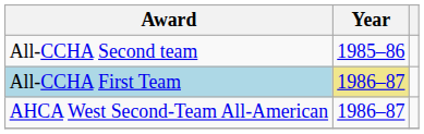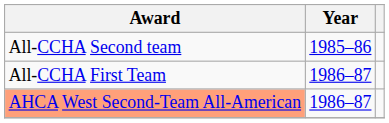 <table class="wikitable">
 <tr>
 <th>Award</th>
 <th>Year</th>
 <th></th>
 </tr>
 <tr>
 <td>All-<a href='#'>CCHA</a> <a href='#'>Second team</a></td>
 <td><a href='#'>1985–86</a></td>
 <td></td>
 </tr>
 <tr>
-<td style="background: lightblue;">All-<a href='#'>CCHA</a> <a href='#'>First Team</a></td>
-<td style="background: khaki;"><a href='#'>1986–87</a></td>
+<td>All-<a href='#'>CCHA</a> <a href='#'>First Team</a></td>
+<td><a href='#'>1986–87</a></td>
 <td></td>
 </tr>
 <tr>
-<td><a href='#'>AHCA</a> <a href='#'>West Second-Team All-American</a></td>
+<td style="background: lightsalmon;"><a href='#'>AHCA</a> <a href='#'>West Second-Team All-American</a></td>
 <td><a href='#'>1986–87</a></td>
 <td></td>
 </tr>
 <tr>
 </tr>
 </table>
